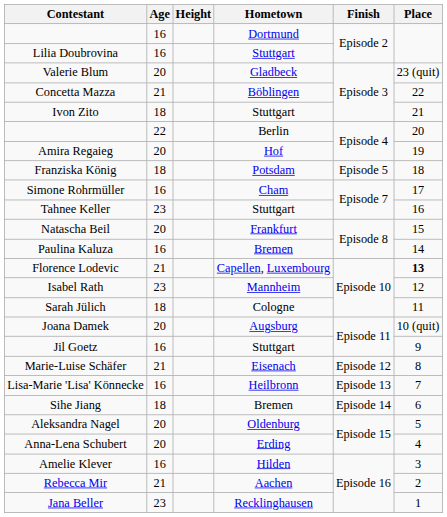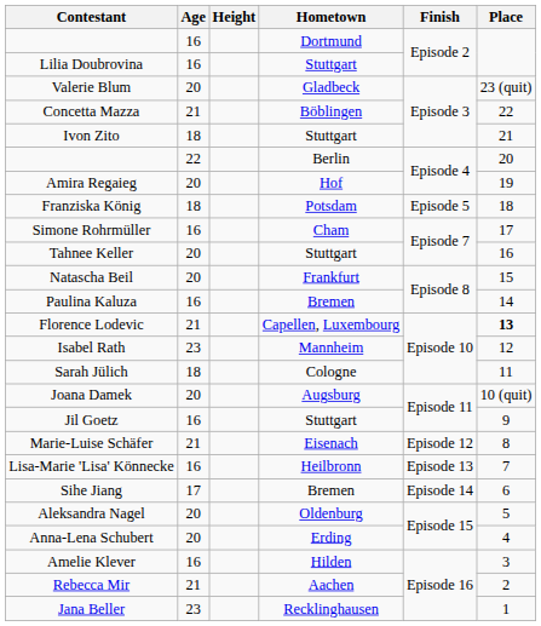 <table class="wikitable sortable" style="text-align:center;">
 <tr>
 <th>Contestant</th>
 <th>Age</th>
 <th>Height</th>
 <th>Hometown</th>
 <th>Finish</th>
 <th>Place</th>
 </tr>
 <tr>
 <td></td>
 <td>16</td>
 <td></td>
 <td><a href='#'>Dortmund</a></td>
 <td rowspan=2>Episode 2</td>
 <td rowspan="2"></td>
 </tr>
 <tr>
 <td>Lilia Doubrovina</td>
 <td>16</td>
 <td nowrap></td>
 <td><a href='#'>Stuttgart</a></td>
 </tr>
 <tr>
 <td>Valerie Blum</td>
 <td>20</td>
 <td></td>
 <td><a href='#'>Gladbeck</a></td>
 <td rowspan="3">Episode 3</td>
 <td nowrap>23 (quit)</td>
 </tr>
 <tr>
 <td>Concetta Mazza</td>
 <td>21</td>
 <td></td>
 <td><a href='#'>Böblingen</a></td>
 <td>22</td>
 </tr>
 <tr>
 <td>Ivon Zito</td>
 <td>18</td>
 <td></td>
 <td>Stuttgart</td>
 <td>21</td>
 </tr>
 <tr>
 <td></td>
 <td>22</td>
 <td></td>
 <td>Berlin</td>
 <td rowspan="2">Episode 4</td>
 <td>20</td>
 </tr>
 <tr>
 <td>Amira Regaieg</td>
 <td>20</td>
 <td></td>
 <td><a href='#'>Hof</a></td>
 <td>19</td>
 </tr>
 <tr>
 <td>Franziska König</td>
 <td>18</td>
 <td></td>
 <td><a href='#'>Potsdam</a></td>
 <td>Episode 5</td>
 <td>18</td>
 </tr>
 <tr>
 <td>Simone Rohrmüller</td>
 <td>16</td>
 <td></td>
 <td><a href='#'>Cham</a></td>
 <td rowspan="2">Episode 7</td>
 <td>17</td>
 </tr>
 <tr>
 <td>Tahnee Keller</td>
-<td>23</td>
+<td>20</td>
 <td nowrap></td>
 <td>Stuttgart</td>
 <td>16</td>
 </tr>
 <tr>
 <td>Natascha Beil</td>
 <td>20</td>
 <td></td>
 <td><a href='#'>Frankfurt</a></td>
 <td rowspan="2">Episode 8</td>
 <td>15</td>
 </tr>
 <tr>
 <td>Paulina Kaluza</td>
 <td>16</td>
 <td></td>
 <td><a href='#'>Bremen</a></td>
 <td>14</td>
 </tr>
 <tr>
 <td>Florence Lodevic</td>
 <td>21</td>
 <td></td>
 <td nowrap><a href='#'>Capellen</a>, <a href='#'>Luxembourg</a></td>
 <td nowrap rowspan="3">Episode 10</td>
 <td><strong>13</strong></td>
 </tr>
 <tr>
 <td>Isabel Rath</td>
 <td>23</td>
 <td></td>
 <td><a href='#'>Mannheim</a></td>
 <td>12</td>
 </tr>
 <tr>
 <td>Sarah Jülich</td>
 <td>18</td>
 <td></td>
 <td>Cologne</td>
 <td>11</td>
 </tr>
 <tr>
 <td>Joana Damek</td>
 <td>20</td>
 <td></td>
 <td><a href='#'>Augsburg</a></td>
 <td rowspan="2">Episode 11</td>
 <td>10 (quit)</td>
 </tr>
 <tr>
 <td>Jil Goetz</td>
 <td>16</td>
 <td></td>
 <td>Stuttgart</td>
 <td>9</td>
 </tr>
 <tr>
 <td>Marie-Luise Schäfer</td>
 <td>21</td>
 <td></td>
 <td><a href='#'>Eisenach</a></td>
 <td nowrap>Episode 12</td>
 <td>8</td>
 </tr>
 <tr>
 <td>Lisa-Marie 'Lisa' Könnecke</td>
 <td>16</td>
 <td></td>
 <td><a href='#'>Heilbronn</a></td>
 <td>Episode 13</td>
 <td>7</td>
 </tr>
 <tr>
 <td>Sihe Jiang</td>
-<td>18</td>
+<td>17</td>
 <td></td>
 <td>Bremen</td>
 <td>Episode 14</td>
 <td>6</td>
 </tr>
 <tr>
 <td>Aleksandra Nagel</td>
 <td>20</td>
 <td></td>
 <td><a href='#'>Oldenburg</a></td>
 <td rowspan="2">Episode 15</td>
 <td>5</td>
 </tr>
 <tr>
 <td>Anna-Lena Schubert</td>
 <td>20</td>
 <td></td>
 <td><a href='#'>Erding</a></td>
 <td>4</td>
 </tr>
 <tr>
 <td>Amelie Klever</td>
 <td>16</td>
 <td></td>
 <td><a href='#'>Hilden</a></td>
 <td rowspan="3">Episode 16</td>
 <td>3</td>
 </tr>
 <tr>
 <td><a href='#'>Rebecca Mir</a></td>
 <td>21</td>
 <td></td>
 <td><a href='#'>Aachen</a></td>
 <td>2</td>
 </tr>
 <tr>
 <td><a href='#'>Jana Beller</a></td>
 <td>23</td>
 <td></td>
 <td><a href='#'>Recklinghausen</a></td>
 <td>1</td>
 </tr>
 </table>
